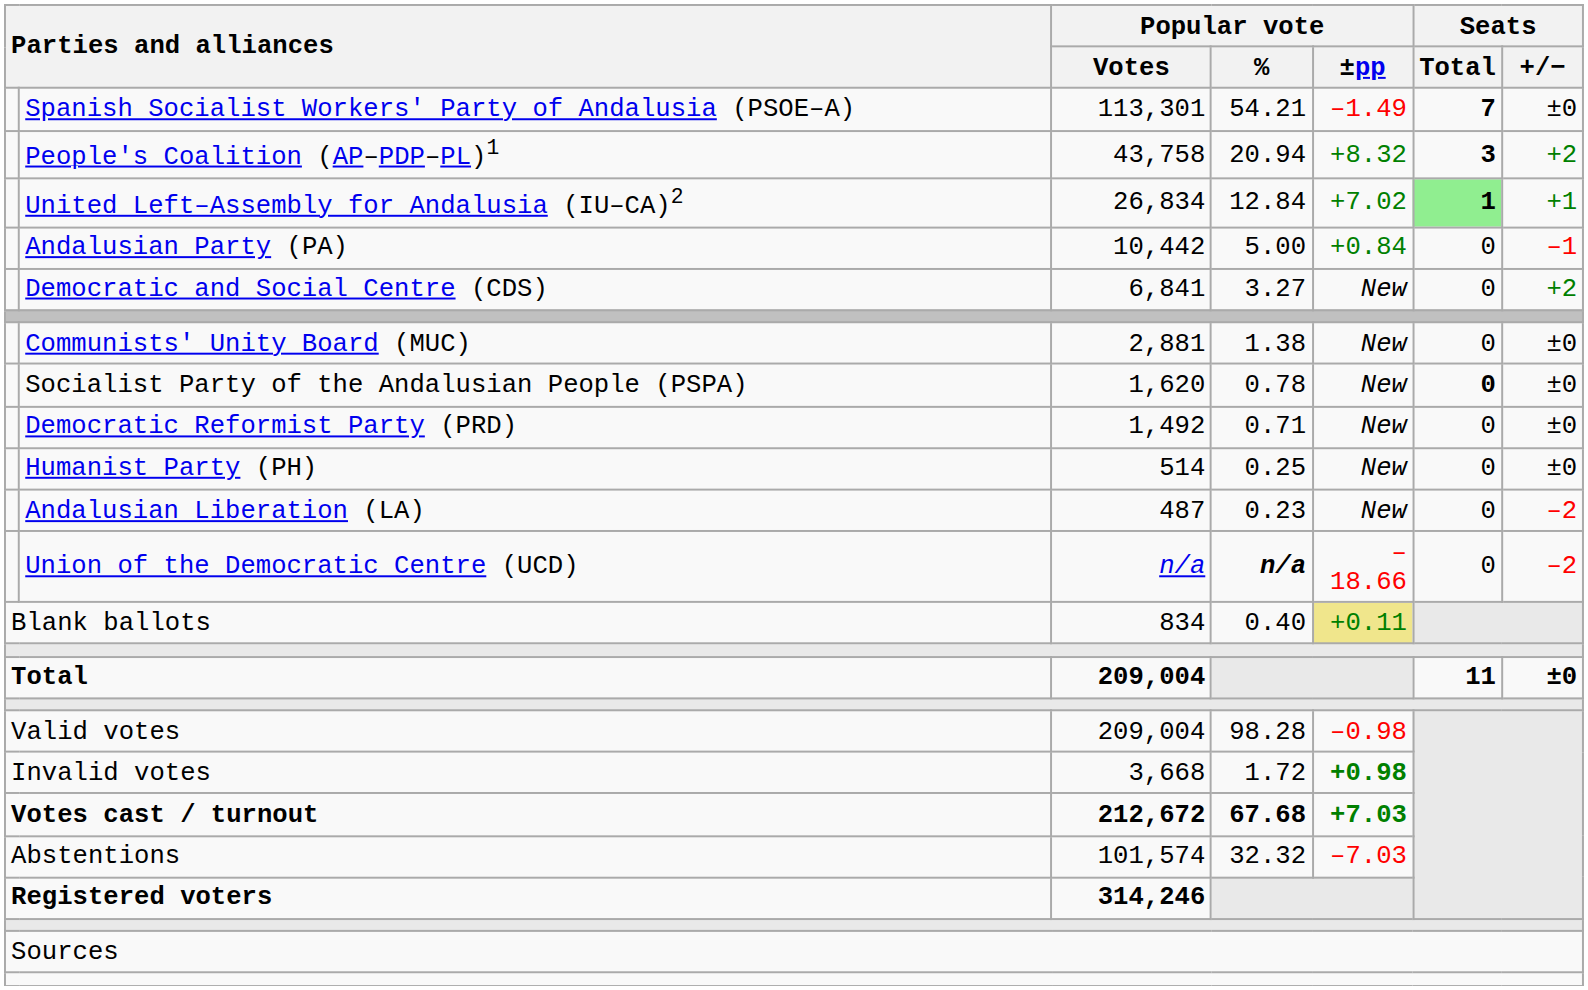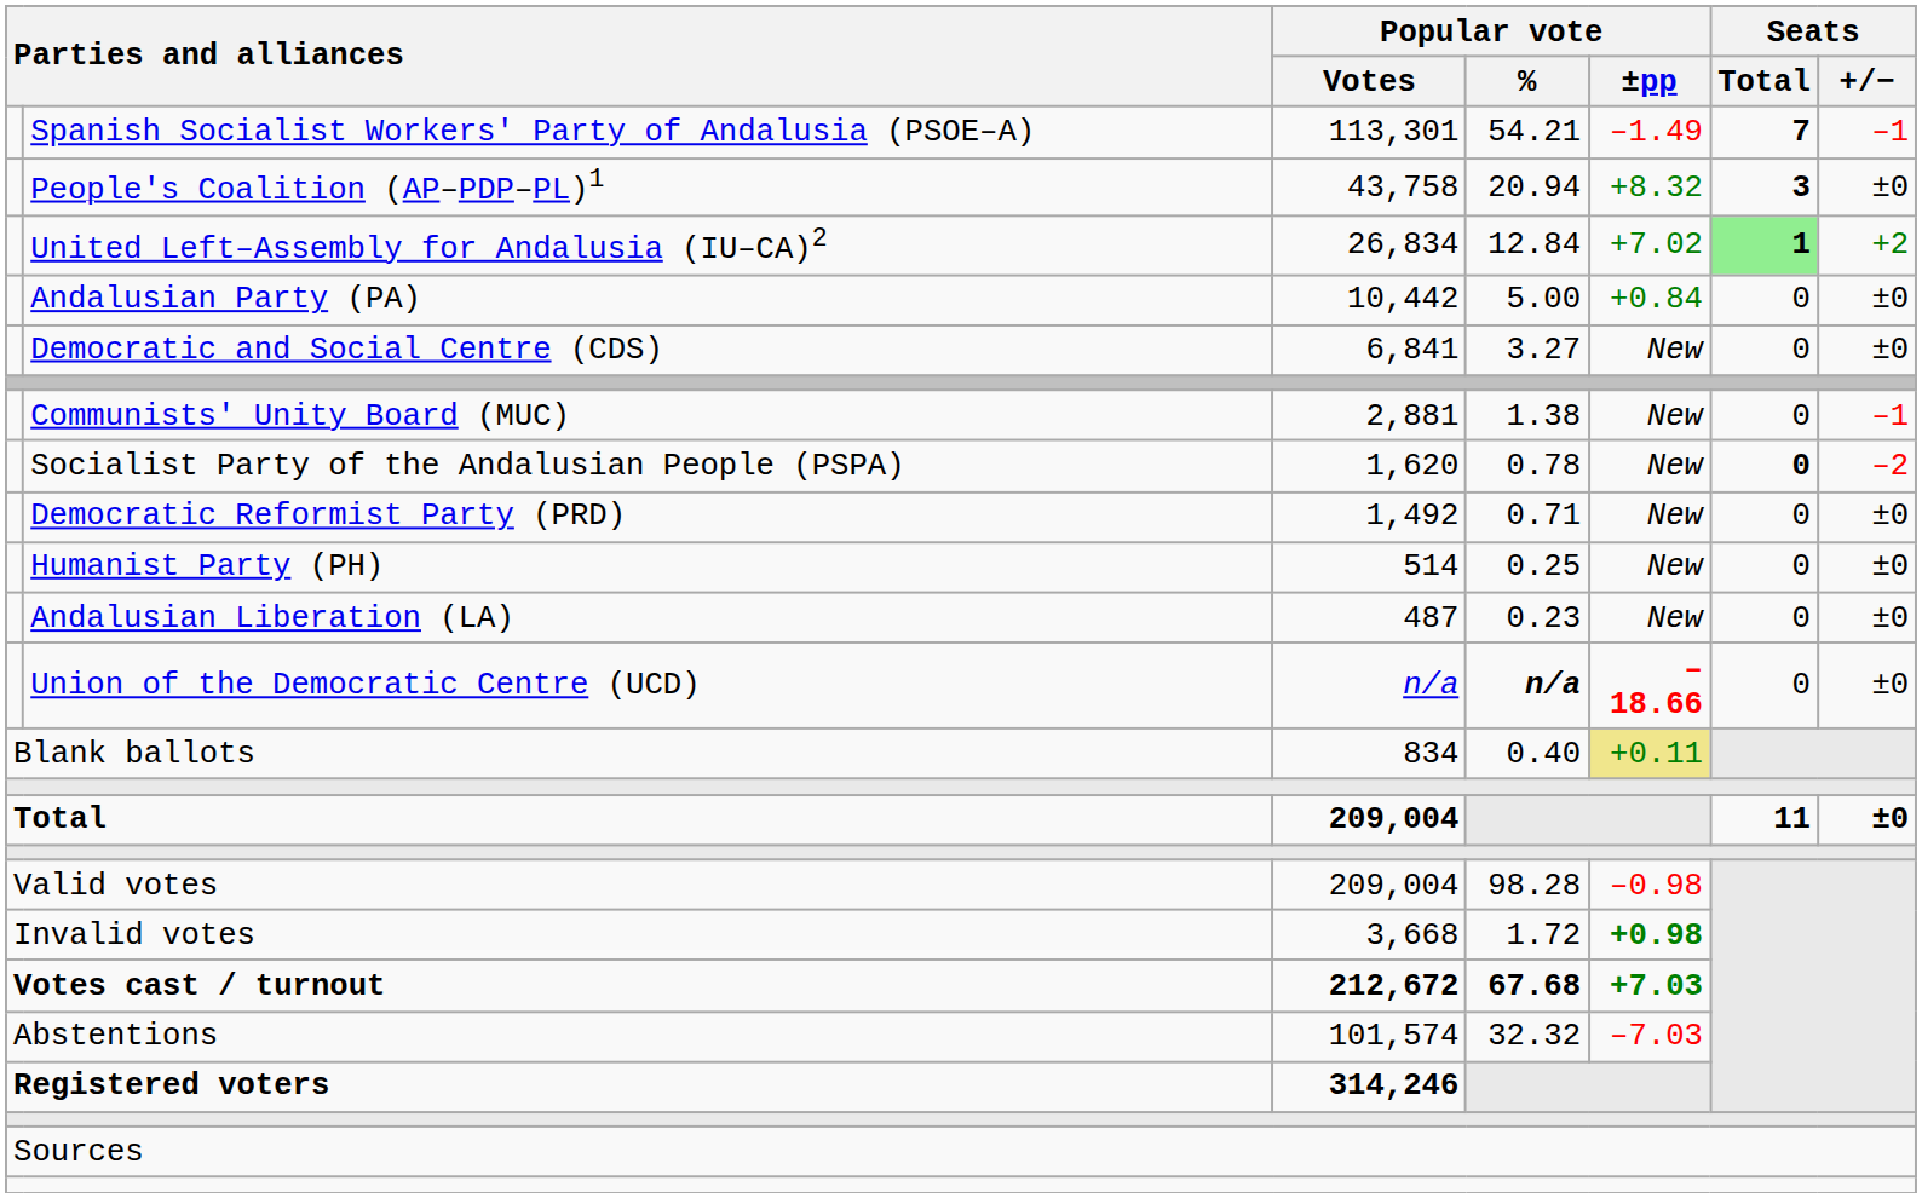 <table class="wikitable" style="text-align:right;">
 <tr>
 <th style="text-align:left;" rowspan="2" colspan="2" width="525">Parties and alliances</th>
 <th colspan="3">Popular vote</th>
 <th colspan="2">Seats</th>
 </tr>
 <tr>
 <th width="75">Votes</th>
 <th width="45">%</th>
 <th width="45">±<a href='#'>pp</a></th>
 <th width="35">Total</th>
 <th width="35">+/−</th>
 </tr>
 <tr>
 <td width="1" style="color:inherit;background:"></td>
 <td align="left"><a href='#'>Spanish Socialist Workers' Party of Andalusia</a> (PSOE–A)</td>
 <td>113,301</td>
 <td>54.21</td>
 <td style="color:red;">–1.49</td>
 <td><strong>7</strong></td>
-<td>±0</td>
+<td style="color:red;">–1</td>
 </tr>
 <tr>
 <td style="color:inherit;background:"></td>
 <td align="left"><a href='#'>People's Coalition</a> (<a href='#'>AP</a>–<a href='#'>PDP</a>–<a href='#'>PL</a>)<sup>1</sup></td>
 <td>43,758</td>
 <td>20.94</td>
 <td style="color:green;">+8.32</td>
 <td><strong>3</strong></td>
-<td style="color:green;">+2</td>
+<td>±0</td>
 </tr>
 <tr>
 <td style="color:inherit;background:"></td>
 <td align="left"><a href='#'>United Left–Assembly for Andalusia</a> (IU–CA)<sup>2</sup></td>
 <td>26,834</td>
 <td>12.84</td>
 <td style="color:green;">+7.02</td>
 <td style="background: lightgreen;"><strong>1</strong></td>
-<td style="color:green;">+1</td>
+<td style="color:green;">+2</td>
 </tr>
 <tr>
 <td style="color:inherit;background:"></td>
 <td align="left"><a href='#'>Andalusian Party</a> (PA)</td>
 <td>10,442</td>
 <td>5.00</td>
 <td style="color:green;">+0.84</td>
 <td>0</td>
-<td style="color:red;">–1</td>
+<td>±0</td>
 </tr>
 <tr>
 <td style="color:inherit;background:"></td>
 <td align="left"><a href='#'>Democratic and Social Centre</a> (CDS)</td>
 <td>6,841</td>
 <td>3.27</td>
 <td><em>New</em></td>
 <td>0</td>
-<td style="color:green;">+2</td>
+<td>±0</td>
 </tr>
 <tr>
 <td colspan="7" bgcolor="#C0C0C0"></td>
 </tr>
 <tr>
 <td style="color:inherit;background:"></td>
 <td align="left"><a href='#'>Communists' Unity Board</a> (MUC)</td>
 <td>2,881</td>
 <td>1.38</td>
 <td><em>New</em></td>
 <td>0</td>
-<td>±0</td>
+<td style="color:red;">–1</td>
 </tr>
 <tr>
 <td style="color:inherit;background:"></td>
 <td align="left">Socialist Party of the Andalusian People (PSPA)</td>
 <td>1,620</td>
 <td>0.78</td>
 <td><em>New</em></td>
 <td><strong>0</strong></td>
-<td>±0</td>
+<td style="color:red;">–2</td>
 </tr>
 <tr>
 <td style="color:inherit;background:"></td>
 <td align="left"><a href='#'>Democratic Reformist Party</a> (PRD)</td>
 <td>1,492</td>
 <td>0.71</td>
 <td><em>New</em></td>
 <td>0</td>
 <td>±0</td>
 </tr>
 <tr>
 <td style="color:inherit;background:"></td>
 <td align="left"><a href='#'>Humanist Party</a> (PH)</td>
 <td>514</td>
 <td>0.25</td>
 <td><em>New</em></td>
 <td>0</td>
 <td>±0</td>
 </tr>
 <tr>
 <td style="color:inherit;background:"></td>
 <td align="left"><a href='#'>Andalusian Liberation</a> (LA)</td>
 <td>487</td>
 <td>0.23</td>
 <td><em>New</em></td>
 <td>0</td>
-<td style="color:red;">–2</td>
+<td>±0</td>
 </tr>
 <tr>
 <td style="color:inherit;background:"></td>
 <td align="left"><a href='#'>Union of the Democratic Centre</a> (UCD)</td>
 <td><em><a href='#'>n/a</a></em></td>
 <td><strong><em>n/a</em></strong></td>
-<td style="color:red;">–18.66</td>
+<td style="color:red;"><strong>–18.66</strong></td>
 <td>0</td>
-<td style="color:red;">–2</td>
+<td>±0</td>
 </tr>
 <tr>
 <td align="left" colspan="2">Blank ballots</td>
 <td>834</td>
 <td>0.40</td>
 <td style="background: khaki; color:green;">+0.11</td>
 <td bgcolor="#E9E9E9" colspan="2"></td>
 </tr>
 <tr>
 <td colspan="7" bgcolor="#E9E9E9"></td>
 </tr>
 <tr style="font-weight:bold;">
 <td align="left" colspan="2">Total</td>
 <td>209,004</td>
 <td bgcolor="#E9E9E9" colspan="2"></td>
 <td>11</td>
 <td>±0</td>
 </tr>
 <tr>
 <td colspan="7" bgcolor="#E9E9E9"></td>
 </tr>
 <tr>
 <td align="left" colspan="2">Valid votes</td>
 <td>209,004</td>
 <td>98.28</td>
 <td style="color:red;">–0.98</td>
 <td bgcolor="#E9E9E9" colspan="2" rowspan="5"></td>
 </tr>
 <tr>
 <td align="left" colspan="2">Invalid votes</td>
 <td>3,668</td>
 <td>1.72</td>
 <td style="color:green;"><strong>+0.98</strong></td>
 </tr>
 <tr style="font-weight:bold;">
 <td align="left" colspan="2">Votes cast / turnout</td>
 <td>212,672</td>
 <td>67.68</td>
 <td style="color:green;">+7.03</td>
 </tr>
 <tr>
 <td align="left" colspan="2">Abstentions</td>
 <td>101,574</td>
 <td>32.32</td>
 <td style="color:red;">–7.03</td>
 </tr>
 <tr style="font-weight:bold;">
 <td align="left" colspan="2">Registered voters</td>
 <td>314,246</td>
 <td bgcolor="#E9E9E9" colspan="2"></td>
 </tr>
 <tr>
 <td colspan="7" bgcolor="#E9E9E9"></td>
 </tr>
 <tr>
 <td align="left" colspan="7">Sources</td>
 </tr>
 <tr>
 <td colspan="7" style="text-align:left; max-width:790px;"></td>
 </tr>
 </table>
